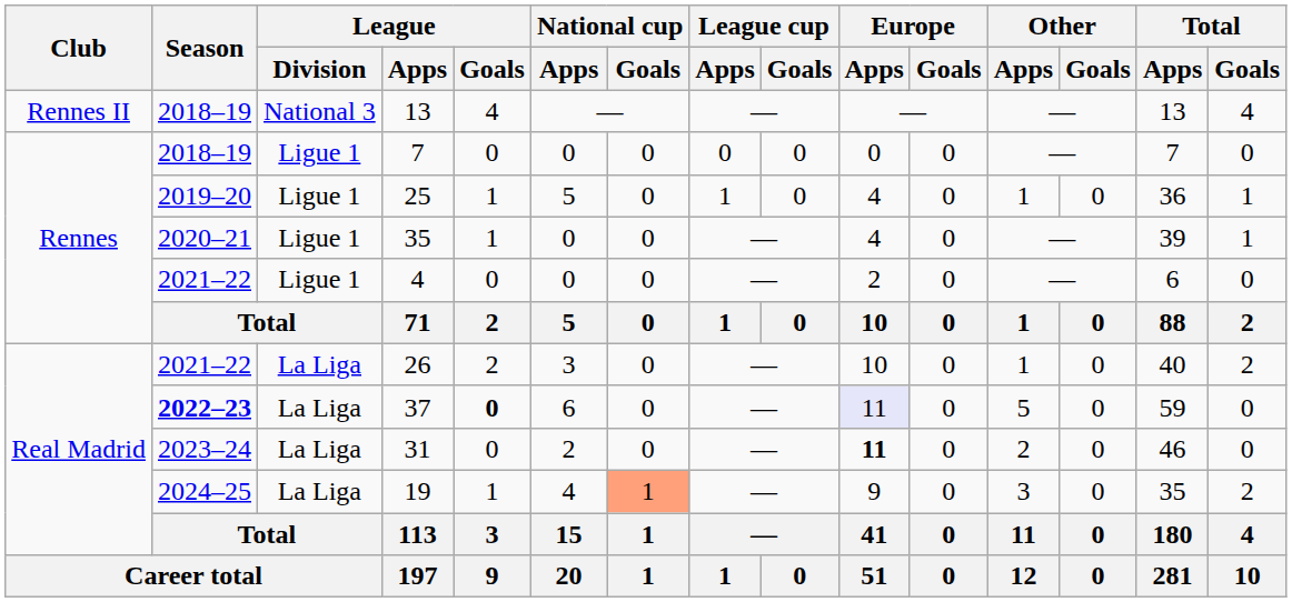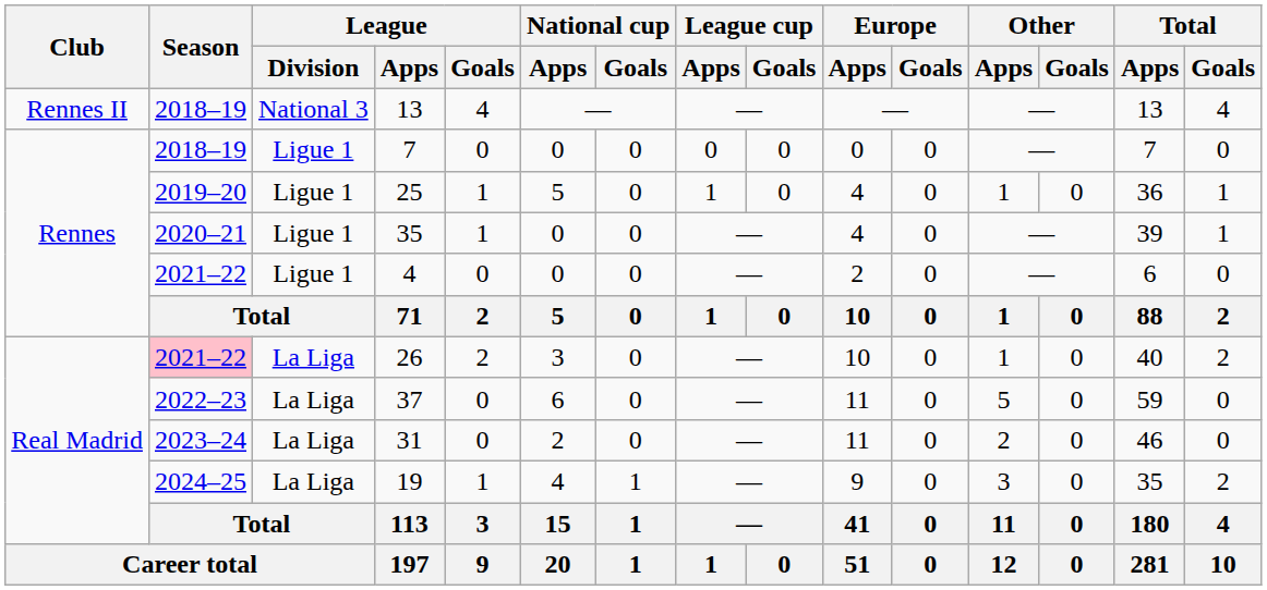 <table class="wikitable" style="text-align: center;">
 <tr>
 <th rowspan="2">Club</th>
 <th rowspan="2">Season</th>
 <th colspan="3">League</th>
 <th colspan="2">National cup</th>
 <th colspan="2">League cup</th>
 <th colspan="2">Europe</th>
 <th colspan="2">Other</th>
 <th colspan="2">Total</th>
 </tr>
 <tr>
 <th>Division</th>
 <th>Apps</th>
 <th>Goals</th>
 <th>Apps</th>
 <th>Goals</th>
 <th>Apps</th>
 <th>Goals</th>
 <th>Apps</th>
 <th>Goals</th>
 <th>Apps</th>
 <th>Goals</th>
 <th>Apps</th>
 <th>Goals</th>
 </tr>
 <tr>
 <td><a href='#'>Rennes II</a></td>
 <td><a href='#'>2018–19</a></td>
 <td><a href='#'>National 3</a></td>
 <td>13</td>
 <td>4</td>
 <td colspan="2">—</td>
 <td colspan="2">—</td>
 <td colspan="2">—</td>
 <td colspan="2">—</td>
 <td>13</td>
 <td>4</td>
 </tr>
 <tr>
 <td rowspan="5"><a href='#'>Rennes</a></td>
 <td><a href='#'>2018–19</a></td>
 <td><a href='#'>Ligue 1</a></td>
 <td>7</td>
 <td>0</td>
 <td>0</td>
 <td>0</td>
 <td>0</td>
 <td>0</td>
 <td>0</td>
 <td>0</td>
 <td colspan="2">—</td>
 <td>7</td>
 <td>0</td>
 </tr>
 <tr>
 <td><a href='#'>2019–20</a></td>
 <td>Ligue 1</td>
 <td>25</td>
 <td>1</td>
 <td>5</td>
 <td>0</td>
 <td>1</td>
 <td>0</td>
 <td>4</td>
 <td>0</td>
 <td>1</td>
 <td>0</td>
 <td>36</td>
 <td>1</td>
 </tr>
 <tr>
 <td><a href='#'>2020–21</a></td>
 <td>Ligue 1</td>
 <td>35</td>
 <td>1</td>
 <td>0</td>
 <td>0</td>
 <td colspan="2">—</td>
 <td>4</td>
 <td>0</td>
 <td colspan="2">—</td>
 <td>39</td>
 <td>1</td>
 </tr>
 <tr>
 <td><a href='#'>2021–22</a></td>
 <td>Ligue 1</td>
 <td>4</td>
 <td>0</td>
 <td>0</td>
 <td>0</td>
 <td colspan="2">—</td>
 <td>2</td>
 <td>0</td>
 <td colspan="2">—</td>
 <td>6</td>
 <td>0</td>
 </tr>
 <tr>
 <th colspan="2">Total</th>
 <th>71</th>
 <th>2</th>
 <th>5</th>
 <th>0</th>
 <th>1</th>
 <th>0</th>
 <th>10</th>
 <th>0</th>
 <th>1</th>
 <th>0</th>
 <th>88</th>
 <th>2</th>
 </tr>
 <tr>
 <td rowspan="5"><a href='#'>Real Madrid</a></td>
-<td><a href='#'>2021–22</a></td>
+<td style="background: pink;"><a href='#'>2021–22</a></td>
 <td><a href='#'>La Liga</a></td>
 <td>26</td>
 <td>2</td>
 <td>3</td>
 <td>0</td>
 <td colspan="2">—</td>
 <td>10</td>
 <td>0</td>
 <td>1</td>
 <td>0</td>
 <td>40</td>
 <td>2</td>
 </tr>
 <tr>
-<td><strong><a href='#'>2022–23</a></strong></td>
+<td><a href='#'>2022–23</a></td>
 <td>La Liga</td>
 <td>37</td>
-<td><strong>0</strong></td>
+<td>0</td>
 <td>6</td>
 <td>0</td>
 <td colspan="2">—</td>
-<td style="background: lavender;">11</td>
+<td>11</td>
 <td>0</td>
 <td>5</td>
 <td>0</td>
 <td>59</td>
 <td>0</td>
 </tr>
 <tr>
 <td><a href='#'>2023–24</a></td>
 <td>La Liga</td>
 <td>31</td>
 <td>0</td>
 <td>2</td>
 <td>0</td>
 <td colspan="2">—</td>
-<td><strong>11</strong></td>
+<td>11</td>
 <td>0</td>
 <td>2</td>
 <td>0</td>
 <td>46</td>
 <td>0</td>
 </tr>
 <tr>
 <td><a href='#'>2024–25</a></td>
 <td>La Liga</td>
 <td>19</td>
 <td>1</td>
 <td>4</td>
-<td style="background: lightsalmon;">1</td>
+<td>1</td>
 <td colspan="2">—</td>
 <td>9</td>
 <td>0</td>
 <td>3</td>
 <td>0</td>
 <td>35</td>
 <td>2</td>
 </tr>
 <tr>
 <th colspan="2">Total</th>
 <th>113</th>
 <th>3</th>
 <th>15</th>
 <th>1</th>
 <th colspan="2">—</th>
 <th>41</th>
 <th>0</th>
 <th>11</th>
 <th>0</th>
 <th>180</th>
 <th>4</th>
 </tr>
 <tr>
 <th colspan="3">Career total</th>
 <th>197</th>
 <th>9</th>
 <th>20</th>
 <th>1</th>
 <th>1</th>
 <th>0</th>
 <th>51</th>
 <th>0</th>
 <th>12</th>
 <th>0</th>
 <th>281</th>
 <th>10</th>
 </tr>
 </table>
